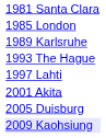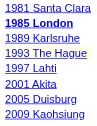 <table>
 <tr>
 <td><a href='#'>1981 Santa Clara</a></td>
 <td></td>
 <td></td>
 <td></td>
 </tr>
 <tr>
-<td><a href='#'>1985 London</a></td>
+<td><strong><a href='#'>1985 London</a></strong></td>
 <td></td>
 <td></td>
 <td></td>
 </tr>
 <tr>
 <td><a href='#'>1989 Karlsruhe</a></td>
 <td></td>
 <td></td>
 <td></td>
 </tr>
 <tr>
-<td><a href='#'>1993 The Hague</a></td>
+<td style="background: lightyellow;"><a href='#'>1993 The Hague</a></td>
 <td></td>
 <td></td>
 <td></td>
 </tr>
 <tr>
 <td><a href='#'>1997 Lahti</a></td>
 <td></td>
 <td></td>
 <td></td>
 </tr>
 <tr>
 <td><a href='#'>2001 Akita</a></td>
 <td></td>
 <td></td>
 <td></td>
 </tr>
 <tr>
 <td><a href='#'>2005 Duisburg</a></td>
 <td></td>
 <td></td>
 <td></td>
 </tr>
 <tr>
-<td style="background: lavender;"><a href='#'>2009 Kaohsiung</a></td>
+<td><a href='#'>2009 Kaohsiung</a></td>
 <td></td>
 <td></td>
 <td></td>
 </tr>
 </table>
